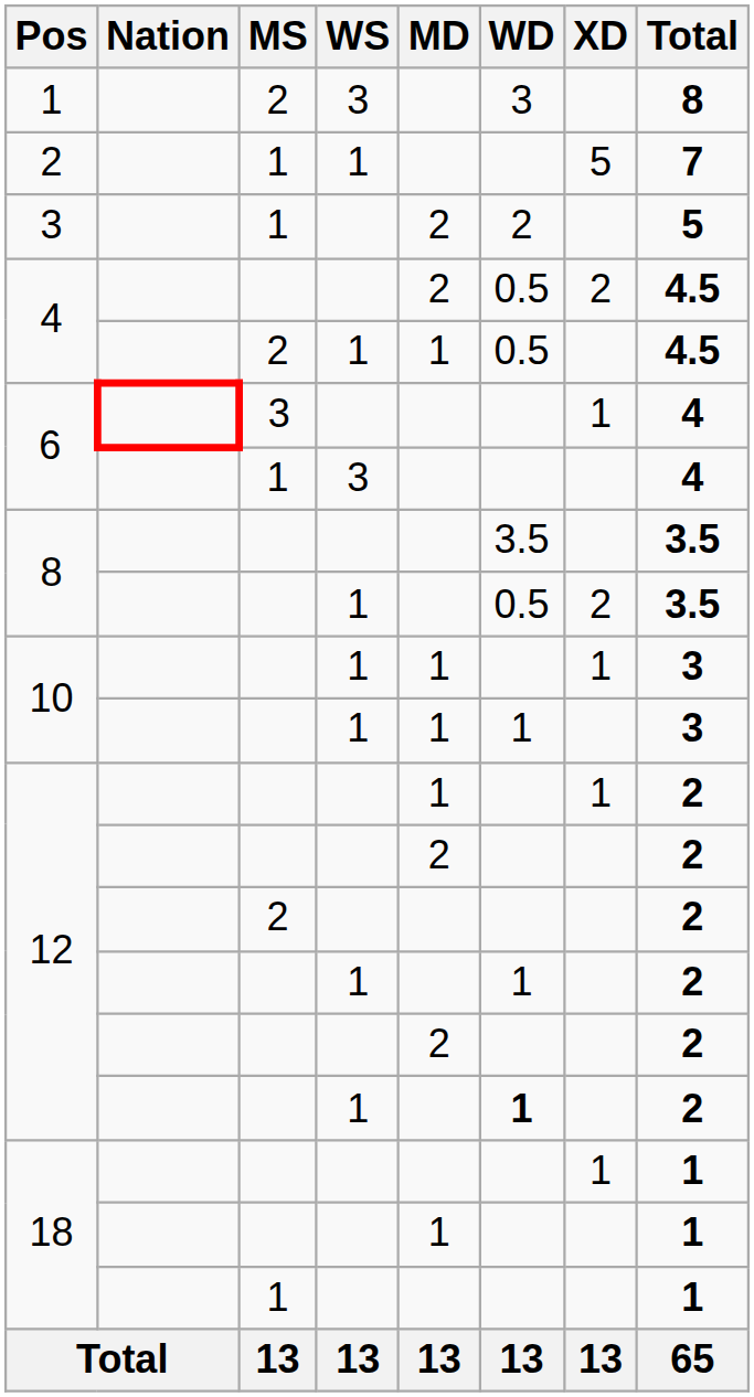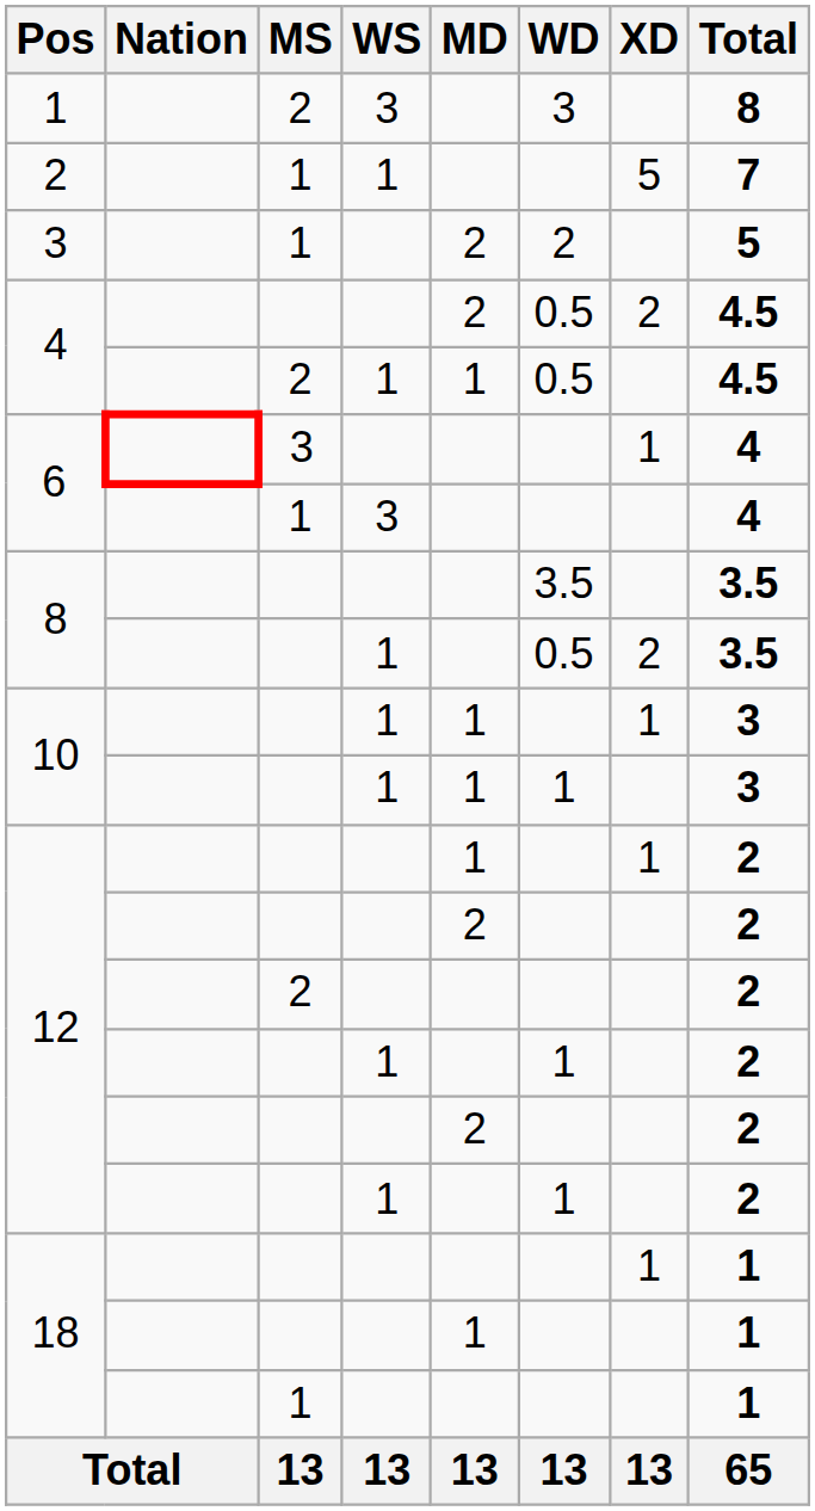 <table class="wikitable" style="text-align:center">
 <tr>
 <th>Pos</th>
 <th>Nation</th>
 <th>MS</th>
 <th>WS</th>
 <th>MD</th>
 <th>WD</th>
 <th>XD</th>
 <th>Total</th>
 </tr>
 <tr>
 <td>1</td>
 <td align="left"></td>
 <td>2</td>
 <td>3</td>
 <td></td>
 <td>3</td>
 <td></td>
 <td><strong>8</strong></td>
 </tr>
 <tr>
 <td>2</td>
 <td align="left"></td>
 <td>1</td>
 <td>1</td>
 <td></td>
 <td></td>
 <td>5</td>
 <td><strong>7</strong></td>
 </tr>
 <tr>
 <td>3</td>
 <td align="left"></td>
 <td>1</td>
 <td></td>
 <td>2</td>
 <td>2</td>
 <td></td>
 <td><strong>5</strong></td>
 </tr>
 <tr>
 <td rowspan="2">4</td>
 <td align="left"></td>
 <td></td>
 <td></td>
 <td>2</td>
 <td>0.5</td>
 <td>2</td>
 <td><strong>4.5</strong></td>
 </tr>
 <tr>
 <td align="left"></td>
 <td>2</td>
 <td>1</td>
 <td>1</td>
 <td>0.5</td>
 <td></td>
 <td><strong>4.5</strong></td>
 </tr>
 <tr>
 <td rowspan="2">6</td>
 <td align="left" style="border: 3px solid red"><strong></strong></td>
 <td>3</td>
 <td></td>
 <td></td>
 <td></td>
 <td>1</td>
 <td><strong>4</strong></td>
 </tr>
 <tr>
 <td align="left"></td>
 <td>1</td>
 <td>3</td>
 <td></td>
 <td></td>
 <td></td>
 <td><strong>4</strong></td>
 </tr>
 <tr>
 <td rowspan="2">8</td>
 <td align="left"></td>
 <td></td>
 <td></td>
 <td></td>
 <td>3.5</td>
 <td></td>
 <td><strong>3.5</strong></td>
 </tr>
 <tr>
 <td align="left"></td>
 <td></td>
 <td>1</td>
 <td></td>
 <td>0.5</td>
 <td>2</td>
 <td><strong>3.5</strong></td>
 </tr>
 <tr>
 <td rowspan="2">10</td>
 <td align="left"></td>
 <td></td>
 <td>1</td>
 <td>1</td>
 <td></td>
 <td>1</td>
 <td><strong>3</strong></td>
 </tr>
 <tr>
 <td align="left"></td>
 <td></td>
 <td>1</td>
 <td>1</td>
 <td>1</td>
 <td></td>
 <td><strong>3</strong></td>
 </tr>
 <tr>
 <td rowspan=6>12</td>
 <td align="left"></td>
 <td></td>
 <td></td>
 <td>1</td>
 <td></td>
 <td>1</td>
 <td><strong>2</strong></td>
 </tr>
 <tr>
 <td align="left"></td>
 <td></td>
 <td></td>
 <td>2</td>
 <td></td>
 <td></td>
 <td><strong>2</strong></td>
 </tr>
 <tr>
 <td align="left"></td>
 <td>2</td>
 <td></td>
 <td></td>
 <td></td>
 <td></td>
 <td><strong>2</strong></td>
 </tr>
 <tr>
 <td align="left"></td>
 <td></td>
 <td>1</td>
 <td></td>
 <td>1</td>
 <td></td>
 <td><strong>2</strong></td>
 </tr>
 <tr>
 <td align="left"></td>
 <td></td>
 <td></td>
 <td>2</td>
 <td></td>
 <td></td>
 <td><strong>2</strong></td>
 </tr>
 <tr>
 <td align="left"></td>
 <td></td>
 <td>1</td>
 <td></td>
-<td><strong>1</strong></td>
+<td>1</td>
 <td></td>
 <td><strong>2</strong></td>
 </tr>
 <tr>
 <td rowspan=3>18</td>
 <td align="left"></td>
 <td></td>
 <td></td>
 <td></td>
 <td></td>
 <td>1</td>
 <td><strong>1</strong></td>
 </tr>
 <tr>
 <td align="left"></td>
 <td></td>
 <td></td>
 <td>1</td>
 <td></td>
 <td></td>
 <td><strong>1</strong></td>
 </tr>
 <tr>
 <td align="left"></td>
 <td>1</td>
 <td></td>
 <td></td>
 <td></td>
 <td></td>
 <td><strong>1</strong></td>
 </tr>
 <tr>
 <th colspan="2">Total</th>
 <th>13</th>
 <th>13</th>
 <th>13</th>
 <th>13</th>
 <th>13</th>
 <th>65</th>
 </tr>
 </table>
